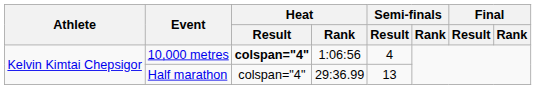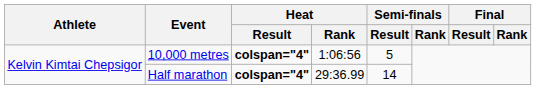 <table class="wikitable" style="font-size:90%; text-align:center">
 <tr>
 <th rowspan="2">Athlete</th>
 <th rowspan="2">Event</th>
 <th colspan="2">Heat</th>
 <th colspan="2">Semi-finals</th>
 <th colspan="2">Final</th>
 </tr>
 <tr>
 <th>Result</th>
 <th>Rank</th>
 <th>Result</th>
 <th>Rank</th>
 <th>Result</th>
 <th>Rank</th>
 </tr>
 <tr>
 <td align="left"  rowspan="2"><a href='#'>Kelvin Kimtai Chepsigor</a></td>
 <td align="left"><a href='#'>10,000 metres</a></td>
 <td><strong>colspan="4" </strong></td>
 <td>1:06:56</td>
-<td>4</td>
+<td>5</td>
 </tr>
 <tr>
 <td align="left"><a href='#'>Half marathon</a></td>
-<td>colspan="4" </td>
+<td><strong>colspan="4" </strong></td>
 <td>29:36.99</td>
-<td>13</td>
+<td>14</td>
 </tr>
 </table>
